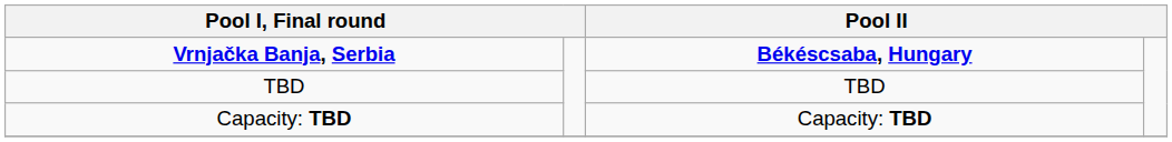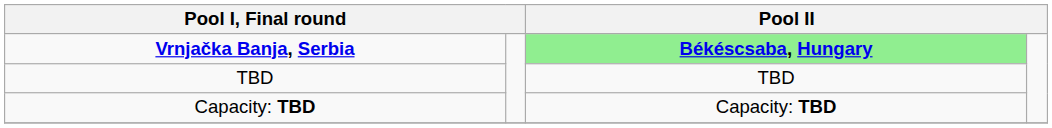 <table class="wikitable" style="text-align: center; width: 900px;">
 <tr>
 <th colspan="2" style="width: 50%;">Pool I, Final round</th>
 <th colspan="2" style="width: 50%;">Pool II</th>
 </tr>
 <tr>
 <td><strong> <a href='#'>Vrnjačka Banja</a>, <a href='#'>Serbia</a></strong></td>
 <td rowspan="3"></td>
-<td><strong> <a href='#'>Békéscsaba</a>, <a href='#'>Hungary</a></strong></td>
+<td style="background: lightgreen;"><strong> <a href='#'>Békéscsaba</a>, <a href='#'>Hungary</a></strong></td>
 <td rowspan="3"></td>
 </tr>
 <tr>
 <td>TBD</td>
 <td>TBD</td>
 </tr>
 <tr>
 <td>Capacity: <strong>TBD</strong></td>
 <td>Capacity: <strong>TBD</strong></td>
 </tr>
 <tr>
 </tr>
 </table>
